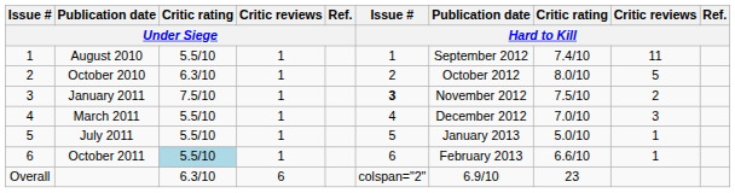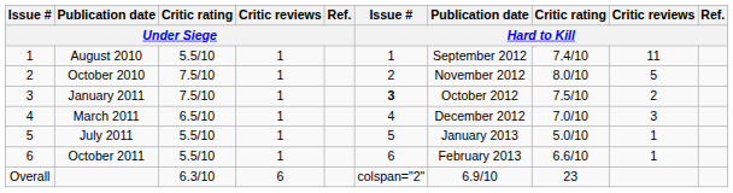 <table class="wikitable" style="text-align: center;">
 <tr>
 <th>Issue #</th>
 <th>Publication date</th>
 <th>Critic rating</th>
 <th>Critic reviews</th>
 <th>Ref.</th>
 <th>Issue #</th>
 <th>Publication date</th>
 <th>Critic rating</th>
 <th>Critic reviews</th>
 <th>Ref.</th>
 </tr>
 <tr>
 <th colspan="5"><a href='#'><em>Under Siege</em></a></th>
 <th colspan="5"><a href='#'><em>Hard to Kill</em></a></th>
 </tr>
 <tr>
 <td>1</td>
 <td>August 2010</td>
 <td>5.5/10</td>
 <td>1</td>
 <td></td>
 <td>1</td>
 <td>September 2012</td>
 <td>7.4/10</td>
 <td>11</td>
 <td></td>
 </tr>
 <tr>
 <td>2</td>
 <td>October 2010</td>
-<td>6.3/10</td>
+<td>7.5/10</td>
 <td>1</td>
 <td></td>
 <td>2</td>
-<td>October 2012</td>
+<td>November 2012</td>
 <td>8.0/10</td>
 <td>5</td>
 <td></td>
 </tr>
 <tr>
 <td>3</td>
 <td>January 2011</td>
 <td>7.5/10</td>
 <td>1</td>
 <td></td>
 <td><strong>3</strong></td>
-<td>November 2012</td>
+<td>October 2012</td>
 <td>7.5/10</td>
 <td>2</td>
 <td></td>
 </tr>
 <tr>
 <td>4</td>
 <td>March 2011</td>
-<td>5.5/10</td>
+<td>6.5/10</td>
 <td>1</td>
 <td></td>
 <td>4</td>
 <td>December 2012</td>
 <td>7.0/10</td>
 <td>3</td>
 <td></td>
 </tr>
 <tr>
 <td>5</td>
 <td>July 2011</td>
 <td>5.5/10</td>
 <td>1</td>
 <td></td>
 <td>5</td>
 <td>January 2013</td>
 <td>5.0/10</td>
 <td>1</td>
 <td></td>
 </tr>
 <tr>
 <td>6</td>
 <td>October 2011</td>
-<td style="background: lightblue;">5.5/10</td>
+<td>5.5/10</td>
 <td>1</td>
 <td></td>
 <td>6</td>
 <td>February 2013</td>
 <td>6.6/10</td>
 <td>1</td>
 <td></td>
 </tr>
 <tr>
 <td>Overall</td>
 <td></td>
 <td>6.3/10</td>
 <td>6</td>
 <td></td>
 <td>colspan="2" </td>
 <td>6.9/10</td>
 <td>23</td>
 <td></td>
 </tr>
 </table>
